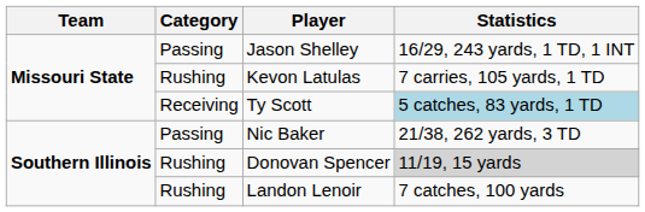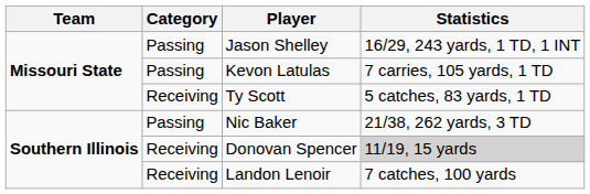 <table class="wikitable" style="float: right;">
 <tr>
 <th>Team</th>
 <th>Category</th>
 <th>Player</th>
 <th>Statistics</th>
 </tr>
 <tr>
 <td rowspan=3><strong>Missouri State</strong></td>
 <td>Passing</td>
 <td>Jason Shelley</td>
 <td>16/29, 243 yards, 1 TD, 1 INT</td>
 </tr>
 <tr>
-<td>Rushing</td>
+<td>Passing</td>
 <td>Kevon Latulas</td>
 <td>7 carries, 105 yards, 1 TD</td>
 </tr>
 <tr>
 <td>Receiving</td>
 <td>Ty Scott</td>
-<td style="background: lightblue;">5 catches, 83 yards, 1 TD</td>
+<td>5 catches, 83 yards, 1 TD</td>
 </tr>
 <tr>
 <td rowspan=3><strong>Southern Illinois</strong></td>
 <td>Passing</td>
 <td>Nic Baker</td>
 <td>21/38, 262 yards, 3 TD</td>
 </tr>
 <tr>
-<td>Rushing</td>
+<td>Receiving</td>
 <td>Donovan Spencer</td>
 <td style="background: lightgrey;">11/19, 15 yards</td>
 </tr>
 <tr>
-<td>Rushing</td>
+<td>Receiving</td>
 <td>Landon Lenoir</td>
 <td>7 catches, 100 yards</td>
 </tr>
 </table>
